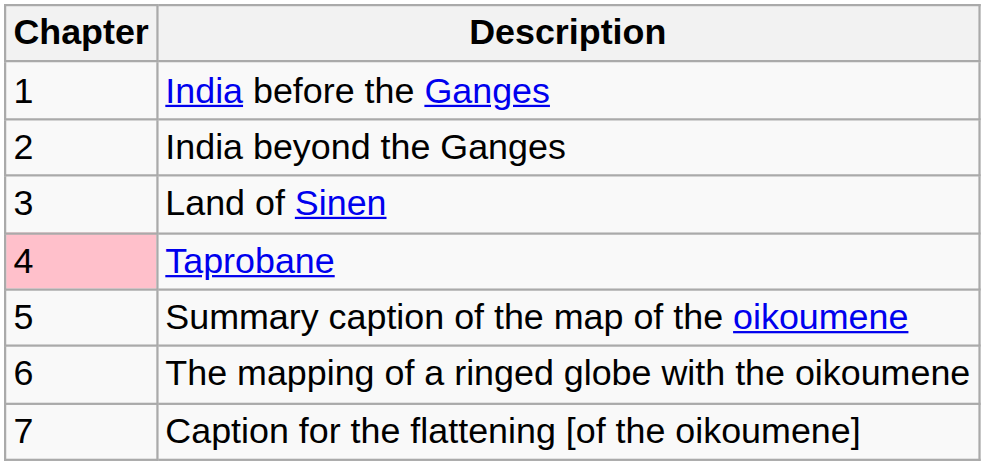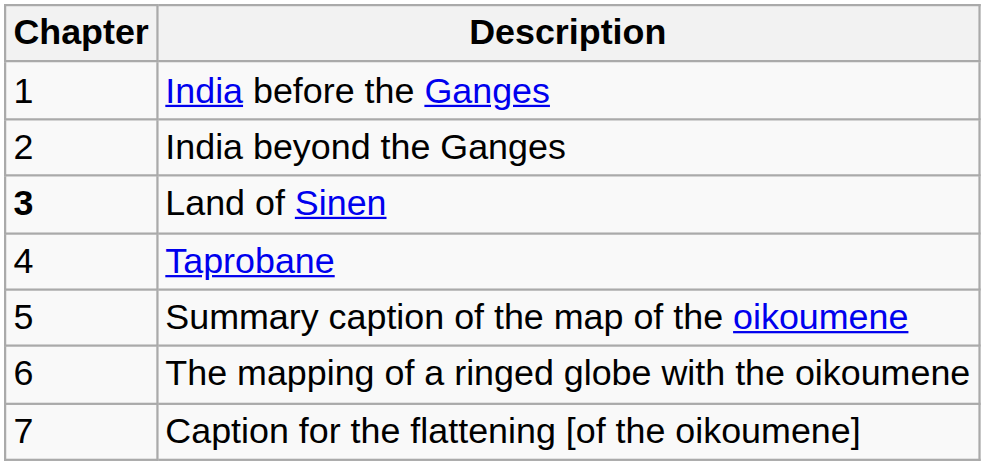 <table class="wikitable">
 <tr>
 <th>Chapter</th>
 <th>Description</th>
 </tr>
 <tr>
 <td>1</td>
 <td><a href='#'>India</a> before the <a href='#'>Ganges</a></td>
 </tr>
 <tr>
 <td>2</td>
 <td>India beyond the Ganges</td>
 </tr>
 <tr>
-<td>3</td>
+<td><strong>3</strong></td>
 <td>Land of <a href='#'>Sinen</a></td>
 </tr>
 <tr>
-<td style="background: pink;">4</td>
+<td>4</td>
 <td><a href='#'>Taprobane</a></td>
 </tr>
 <tr>
 <td>5</td>
 <td>Summary caption of the map of the <a href='#'>oikoumene</a></td>
 </tr>
 <tr>
 <td>6</td>
 <td>The mapping of a ringed globe with the oikoumene</td>
 </tr>
 <tr>
 <td>7</td>
 <td>Caption for the flattening [of the oikoumene]</td>
 </tr>
 </table>
